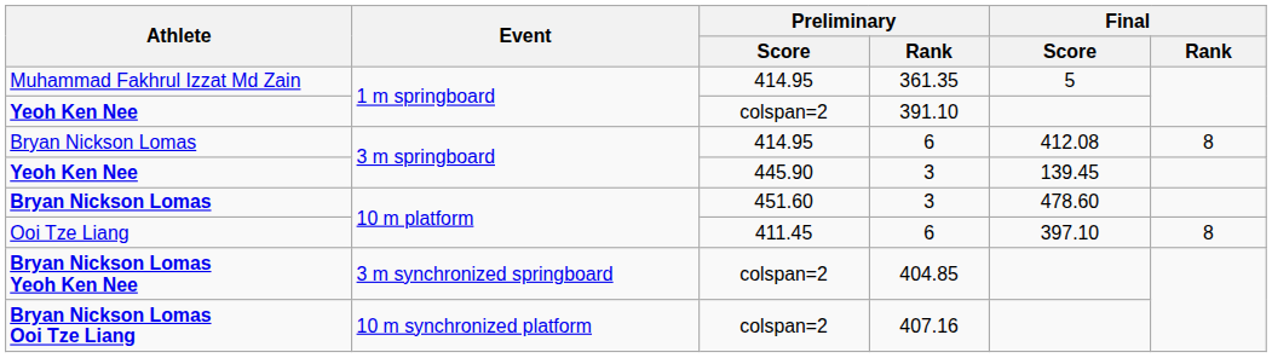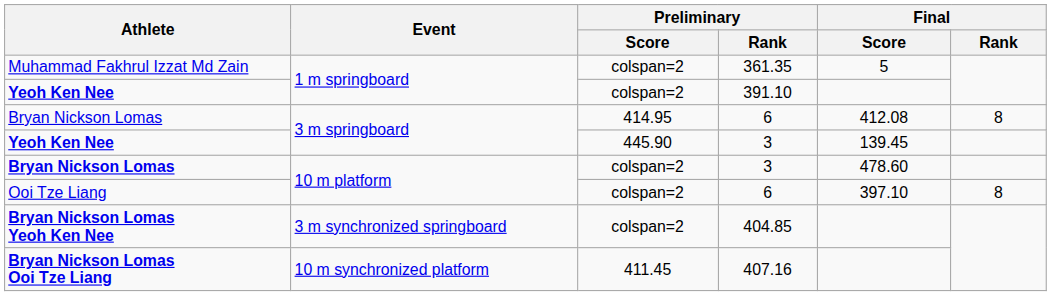 <table class="wikitable" width="75%" style="text-align:center; font-size:90%;">
 <tr>
 <th rowspan="2" width="15%">Athlete</th>
 <th rowspan="2" width="15%">Event</th>
 <th colspan="2" width="12%">Preliminary</th>
 <th colspan="2" width="12%">Final</th>
 </tr>
 <tr>
 <th width="7%">Score</th>
 <th>Rank</th>
 <th width="7%">Score</th>
 <th>Rank</th>
 </tr>
 <tr>
 <td align=left><a href='#'>Muhammad Fakhrul Izzat Md Zain</a></td>
 <td align=left rowspan=2><a href='#'>1 m springboard</a></td>
-<td>414.95</td>
+<td>colspan=2 </td>
 <td>361.35</td>
 <td>5</td>
 </tr>
 <tr>
 <td align=left><strong><a href='#'>Yeoh Ken Nee</a></strong></td>
 <td>colspan=2 </td>
 <td>391.10</td>
 <td></td>
 </tr>
 <tr>
 <td align=left><a href='#'>Bryan Nickson Lomas</a></td>
 <td align=left rowspan=2><a href='#'>3 m springboard</a></td>
 <td>414.95</td>
 <td>6 <strong></strong></td>
 <td>412.08</td>
 <td>8</td>
 </tr>
 <tr>
 <td align=left><strong><a href='#'>Yeoh Ken Nee</a></strong></td>
 <td>445.90</td>
 <td>3 <strong></strong></td>
 <td>139.45</td>
 <td></td>
 </tr>
 <tr>
 <td align=left><strong><a href='#'>Bryan Nickson Lomas</a></strong></td>
 <td align=left rowspan=2><a href='#'>10 m platform</a></td>
-<td>451.60</td>
+<td>colspan=2 </td>
 <td>3 <strong></strong></td>
 <td>478.60</td>
 <td></td>
 </tr>
 <tr>
 <td align=left><a href='#'>Ooi Tze Liang</a></td>
-<td>411.45</td>
+<td>colspan=2 </td>
 <td>6 <strong></strong></td>
 <td>397.10</td>
 <td>8</td>
 </tr>
 <tr>
 <td align=left><strong><a href='#'>Bryan Nickson Lomas</a><br><a href='#'>Yeoh Ken Nee</a></strong></td>
 <td align=left><a href='#'>3 m synchronized springboard</a></td>
 <td>colspan=2 </td>
 <td>404.85</td>
 <td></td>
 </tr>
 <tr>
 <td align=left><strong><a href='#'>Bryan Nickson Lomas</a><br><a href='#'>Ooi Tze Liang</a></strong></td>
 <td align=left><a href='#'>10 m synchronized platform</a></td>
-<td>colspan=2 </td>
+<td>411.45</td>
 <td>407.16</td>
 <td></td>
 </tr>
 </table>
